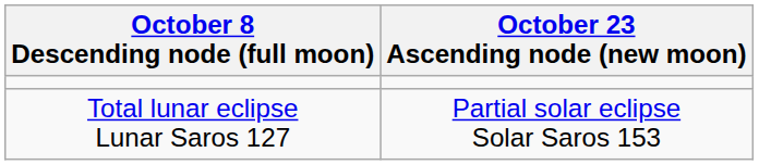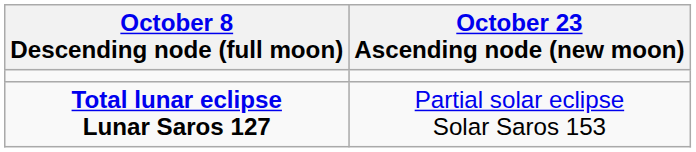 <table class="wikitable">
 <tr>
 <th><a href='#'>October 8</a><br>Descending node (full moon)<br></th>
 <th><a href='#'>October 23</a><br>Ascending node (new moon)<br></th>
 </tr>
 <tr>
 <td></td>
 <td></td>
 </tr>
 <tr align=center>
-<td><a href='#'>Total lunar eclipse</a><br>Lunar Saros 127</td>
+<td><strong><a href='#'>Total lunar eclipse</a><br>Lunar Saros 127</strong></td>
 <td><a href='#'>Partial solar eclipse</a><br>Solar Saros 153</td>
 </tr>
 </table>
